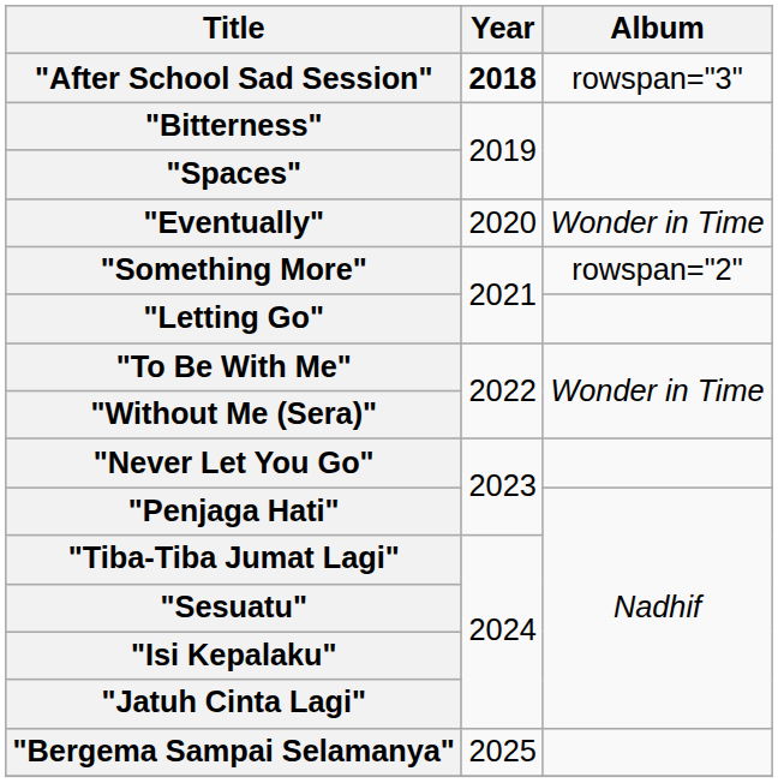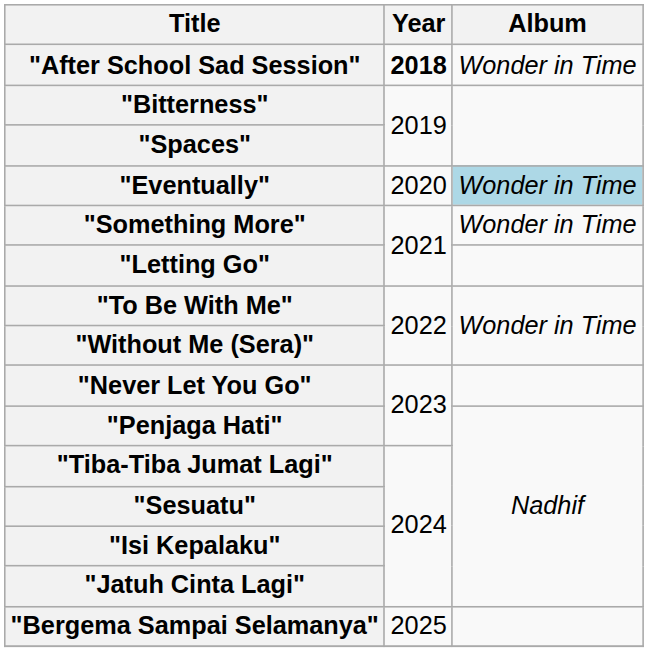 <table class="wikitable plainrowheaders" style="text-align:center">
 <tr>
 <th scope="col">Title</th>
 <th>Year</th>
 <th scope="col">Album</th>
 </tr>
 <tr>
 <th scope="row">"After School Sad Session"</th>
 <td><strong>2018</strong></td>
-<td>rowspan="3" </td>
+<td><em>Wonder in Time</em></td>
 </tr>
 <tr>
 <th scope="row">"Bitterness"</th>
 <td rowspan="2">2019</td>
 </tr>
 <tr>
 <th scope="row">"Spaces"</th>
 </tr>
 <tr>
 <th scope="row">"Eventually"</th>
 <td>2020</td>
-<td><em>Wonder in Time</em></td>
+<td style="background: lightblue;"><em>Wonder in Time</em></td>
 </tr>
 <tr>
 <th scope="row">"Something More"</th>
 <td rowspan="2">2021</td>
-<td>rowspan="2" </td>
+<td><em>Wonder in Time</em></td>
 </tr>
 <tr>
 <th scope="row">"Letting Go"</th>
 </tr>
 <tr>
 <th scope="row">"To Be With Me"</th>
 <td rowspan="2">2022</td>
 <td rowspan="2"><em>Wonder in Time</em></td>
 </tr>
 <tr>
 <th scope="row">"Without Me (Sera)"</th>
 </tr>
 <tr>
 <th scope="row">"Never Let You Go"<br></th>
 <td rowspan="2">2023</td>
 <td></td>
 </tr>
 <tr>
 <th scope="row">"Penjaga Hati"</th>
 <td rowspan="5"><em>Nadhif</em></td>
 </tr>
 <tr>
 <th scope="row">"Tiba-Tiba Jumat Lagi"</th>
 <td rowspan="4">2024</td>
 </tr>
 <tr>
 <th scope="row">"Sesuatu"</th>
 </tr>
 <tr>
 <th scope="row">"Isi Kepalaku"</th>
 </tr>
 <tr>
 <th scope="row">"Jatuh Cinta Lagi"</th>
 </tr>
 <tr>
 <th scope="row">"Bergema Sampai Selamanya"</th>
 <td>2025</td>
 <td></td>
 </tr>
 <tr>
 </tr>
 </table>
